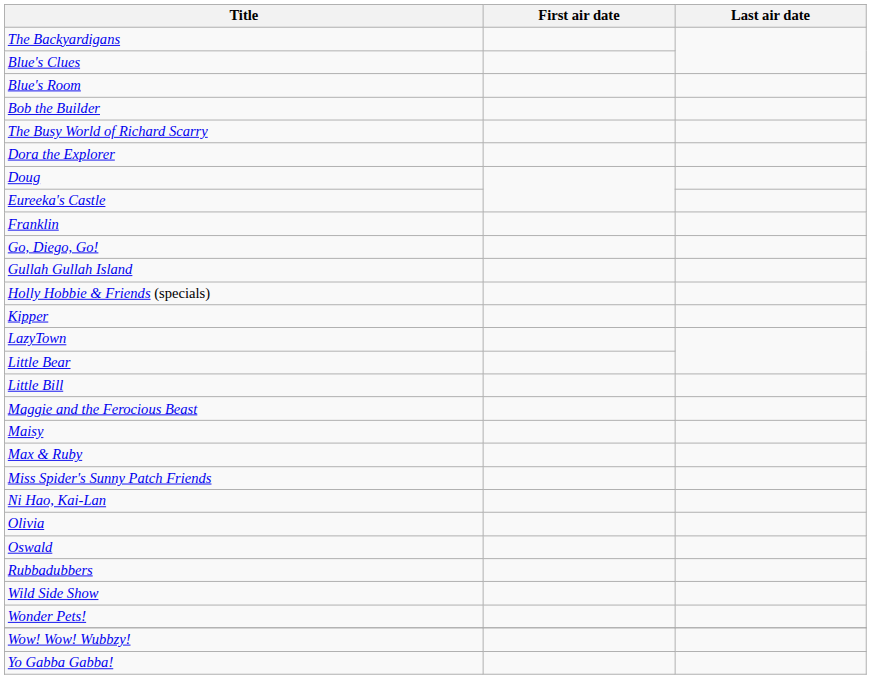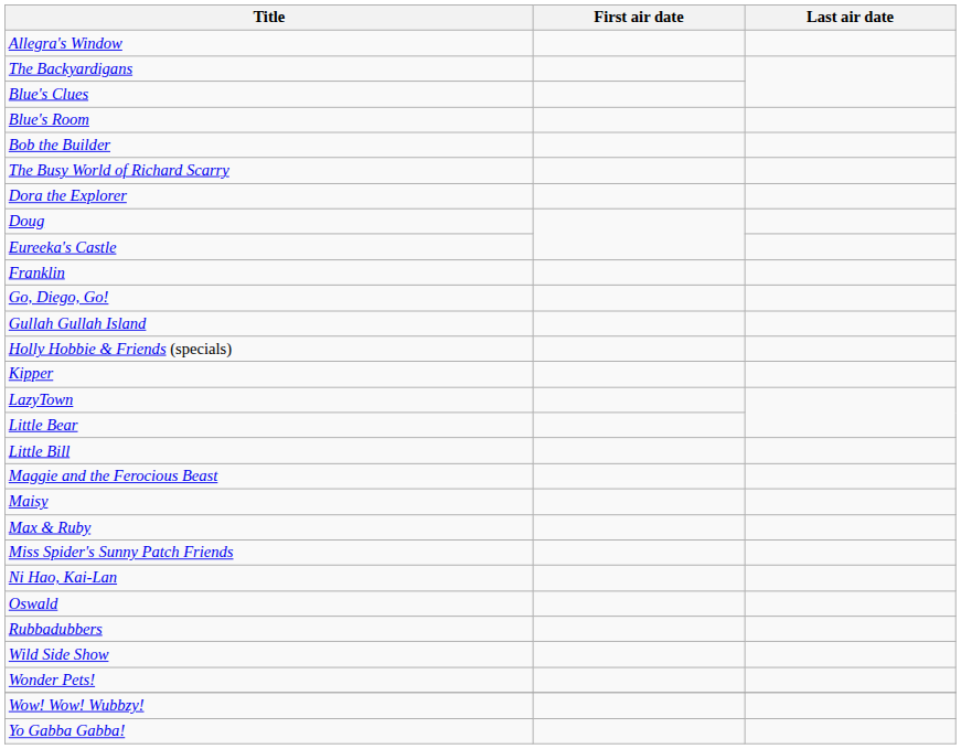 <table class="wikitable plainrowheaders sortable" style="width:75%;text-align:center;">
 <tr>
 <th scope="col" style="width:25%;">Title</th>
 <th scope="col" style="width:10%;">First air date</th>
 <th scope="col" style="width:10%;">Last air date</th>
+</tr>
+<tr>
+<td scope="row" style="text-align:left;"><em><a href='#'>Allegra's Window</a></em></td>
+<td></td>
+<td></td>
 </tr>
 <tr>
 <td style="text-align:left;" scope="row"><em><a href='#'>The Backyardigans</a></em></td>
 <td></td>
 <td rowspan="2"></td>
 </tr>
 <tr>
 <td style="text-align:left;" scope="row"><em><a href='#'>Blue's Clues</a></em></td>
 <td></td>
 </tr>
 <tr>
 <td scope="row" style="text-align:left;"><em><a href='#'>Blue's Room</a></em></td>
 <td></td>
 <td></td>
 </tr>
 <tr>
 <td scope="row" style="text-align:left;"><em><a href='#'>Bob the Builder</a></em></td>
 <td></td>
 <td></td>
 </tr>
 <tr>
 <td scope="row" style="text-align:left;"><em><a href='#'>The Busy World of Richard Scarry</a></em></td>
 <td></td>
 <td></td>
 </tr>
 <tr>
 <td scope="row" style="text-align:left;"><em><a href='#'>Dora the Explorer</a></em></td>
 <td></td>
 <td></td>
 </tr>
 <tr>
 <td scope="row" style="text-align:left;"><em><a href='#'>Doug</a></em></td>
 <td rowspan="2"></td>
 <td></td>
 </tr>
 <tr>
 <td scope="row" style="text-align:left;"><em><a href='#'>Eureeka's Castle</a></em></td>
 <td></td>
 </tr>
 <tr>
 <td scope="row" style="text-align:left;"><em><a href='#'>Franklin</a></em></td>
 <td></td>
 <td></td>
 </tr>
 <tr>
 <td scope="row" style="text-align:left;"><em><a href='#'>Go, Diego, Go!</a></em></td>
 <td></td>
 <td></td>
 </tr>
 <tr>
 <td scope="row" style="text-align:left;"><em><a href='#'>Gullah Gullah Island</a></em></td>
 <td></td>
 <td></td>
 </tr>
 <tr>
 <td scope="row" style="text-align:left;"><em><a href='#'>Holly Hobbie & Friends</a></em> (specials)</td>
 <td></td>
 <td></td>
 </tr>
 <tr>
 <td scope="row" style="text-align:left;"><em><a href='#'>Kipper</a></em></td>
 <td></td>
 <td></td>
 </tr>
 <tr>
 <td scope="row" style="text-align:left;"><em><a href='#'>LazyTown</a></em></td>
 <td></td>
 <td rowspan="2"></td>
 </tr>
 <tr>
 <td scope="row" style="text-align:left;"><em><a href='#'>Little Bear</a></em></td>
 <td></td>
 </tr>
 <tr>
 <td scope="row" style="text-align:left;"><em><a href='#'>Little Bill</a></em></td>
 <td></td>
 <td></td>
 </tr>
 <tr>
 <td scope="row" style="text-align:left;"><em><a href='#'>Maggie and the Ferocious Beast</a></em></td>
 <td></td>
 <td></td>
 </tr>
 <tr>
 <td scope="row" style="text-align:left;"><em><a href='#'>Maisy</a></em></td>
 <td></td>
 <td></td>
 </tr>
 <tr>
 <td scope="row" style="text-align:left;"><em><a href='#'>Max & Ruby</a></em></td>
 <td></td>
 <td></td>
 </tr>
 <tr>
 <td scope="row" style="text-align:left;"><em><a href='#'>Miss Spider's Sunny Patch Friends</a></em></td>
 <td></td>
 <td></td>
 </tr>
 <tr>
 <td scope="row" style="text-align:left;"><em><a href='#'>Ni Hao, Kai-Lan</a></em></td>
 <td></td>
 <td></td>
 </tr>
-<tr>
-<td scope="row" style="text-align:left;"><em><a href='#'>Olivia</a></em></td>
-<td></td>
-<td></td>
-</tr>
 <tr 27,>
 <td scope="row" style="text-align:left;"><em><a href='#'>Oswald</a></em></td>
 <td></td>
 <td></td>
 </tr>
 <tr>
 <td scope="row" style="text-align:left;"><em><a href='#'>Rubbadubbers</a></em></td>
 <td></td>
 <td></td>
 </tr>
 <tr 27,>
 <td scope="row" style="text-align:left;"><em><a href='#'>Wild Side Show</a></em></td>
 <td></td>
 <td></td>
 </tr>
 <tr>
 <td scope="row" style="text-align:left;"><em><a href='#'>Wonder Pets!</a></em></td>
 <td></td>
 <td></td>
 </tr>
 <tr>
 </tr>
 <tr Dec>
 <td scope="row" style="text-align:left;"><em><a href='#'>Wow! Wow! Wubbzy!</a></em></td>
 <td></td>
 <td></td>
 </tr>
 <tr>
 <td scope="row" style="text-align:left;"><em><a href='#'>Yo Gabba Gabba!</a></em></td>
 <td></td>
 <td></td>
 </tr>
 </table>
